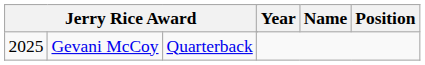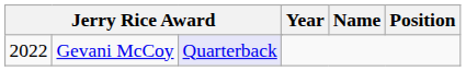 <table class="wikitable">
 <tr>
 <th colspan=5>Jerry Rice Award</th>
 <th>Year</th>
 <th>Name</th>
 <th>Position</th>
 </tr>
 <tr>
-<td>2025</td>
+<td>2022</td>
 <td><a href='#'>Gevani McCoy</a></td>
-<td><a href='#'>Quarterback</a></td>
+<td style="background: lavender;"><a href='#'>Quarterback</a></td>
 </tr>
 </table>
